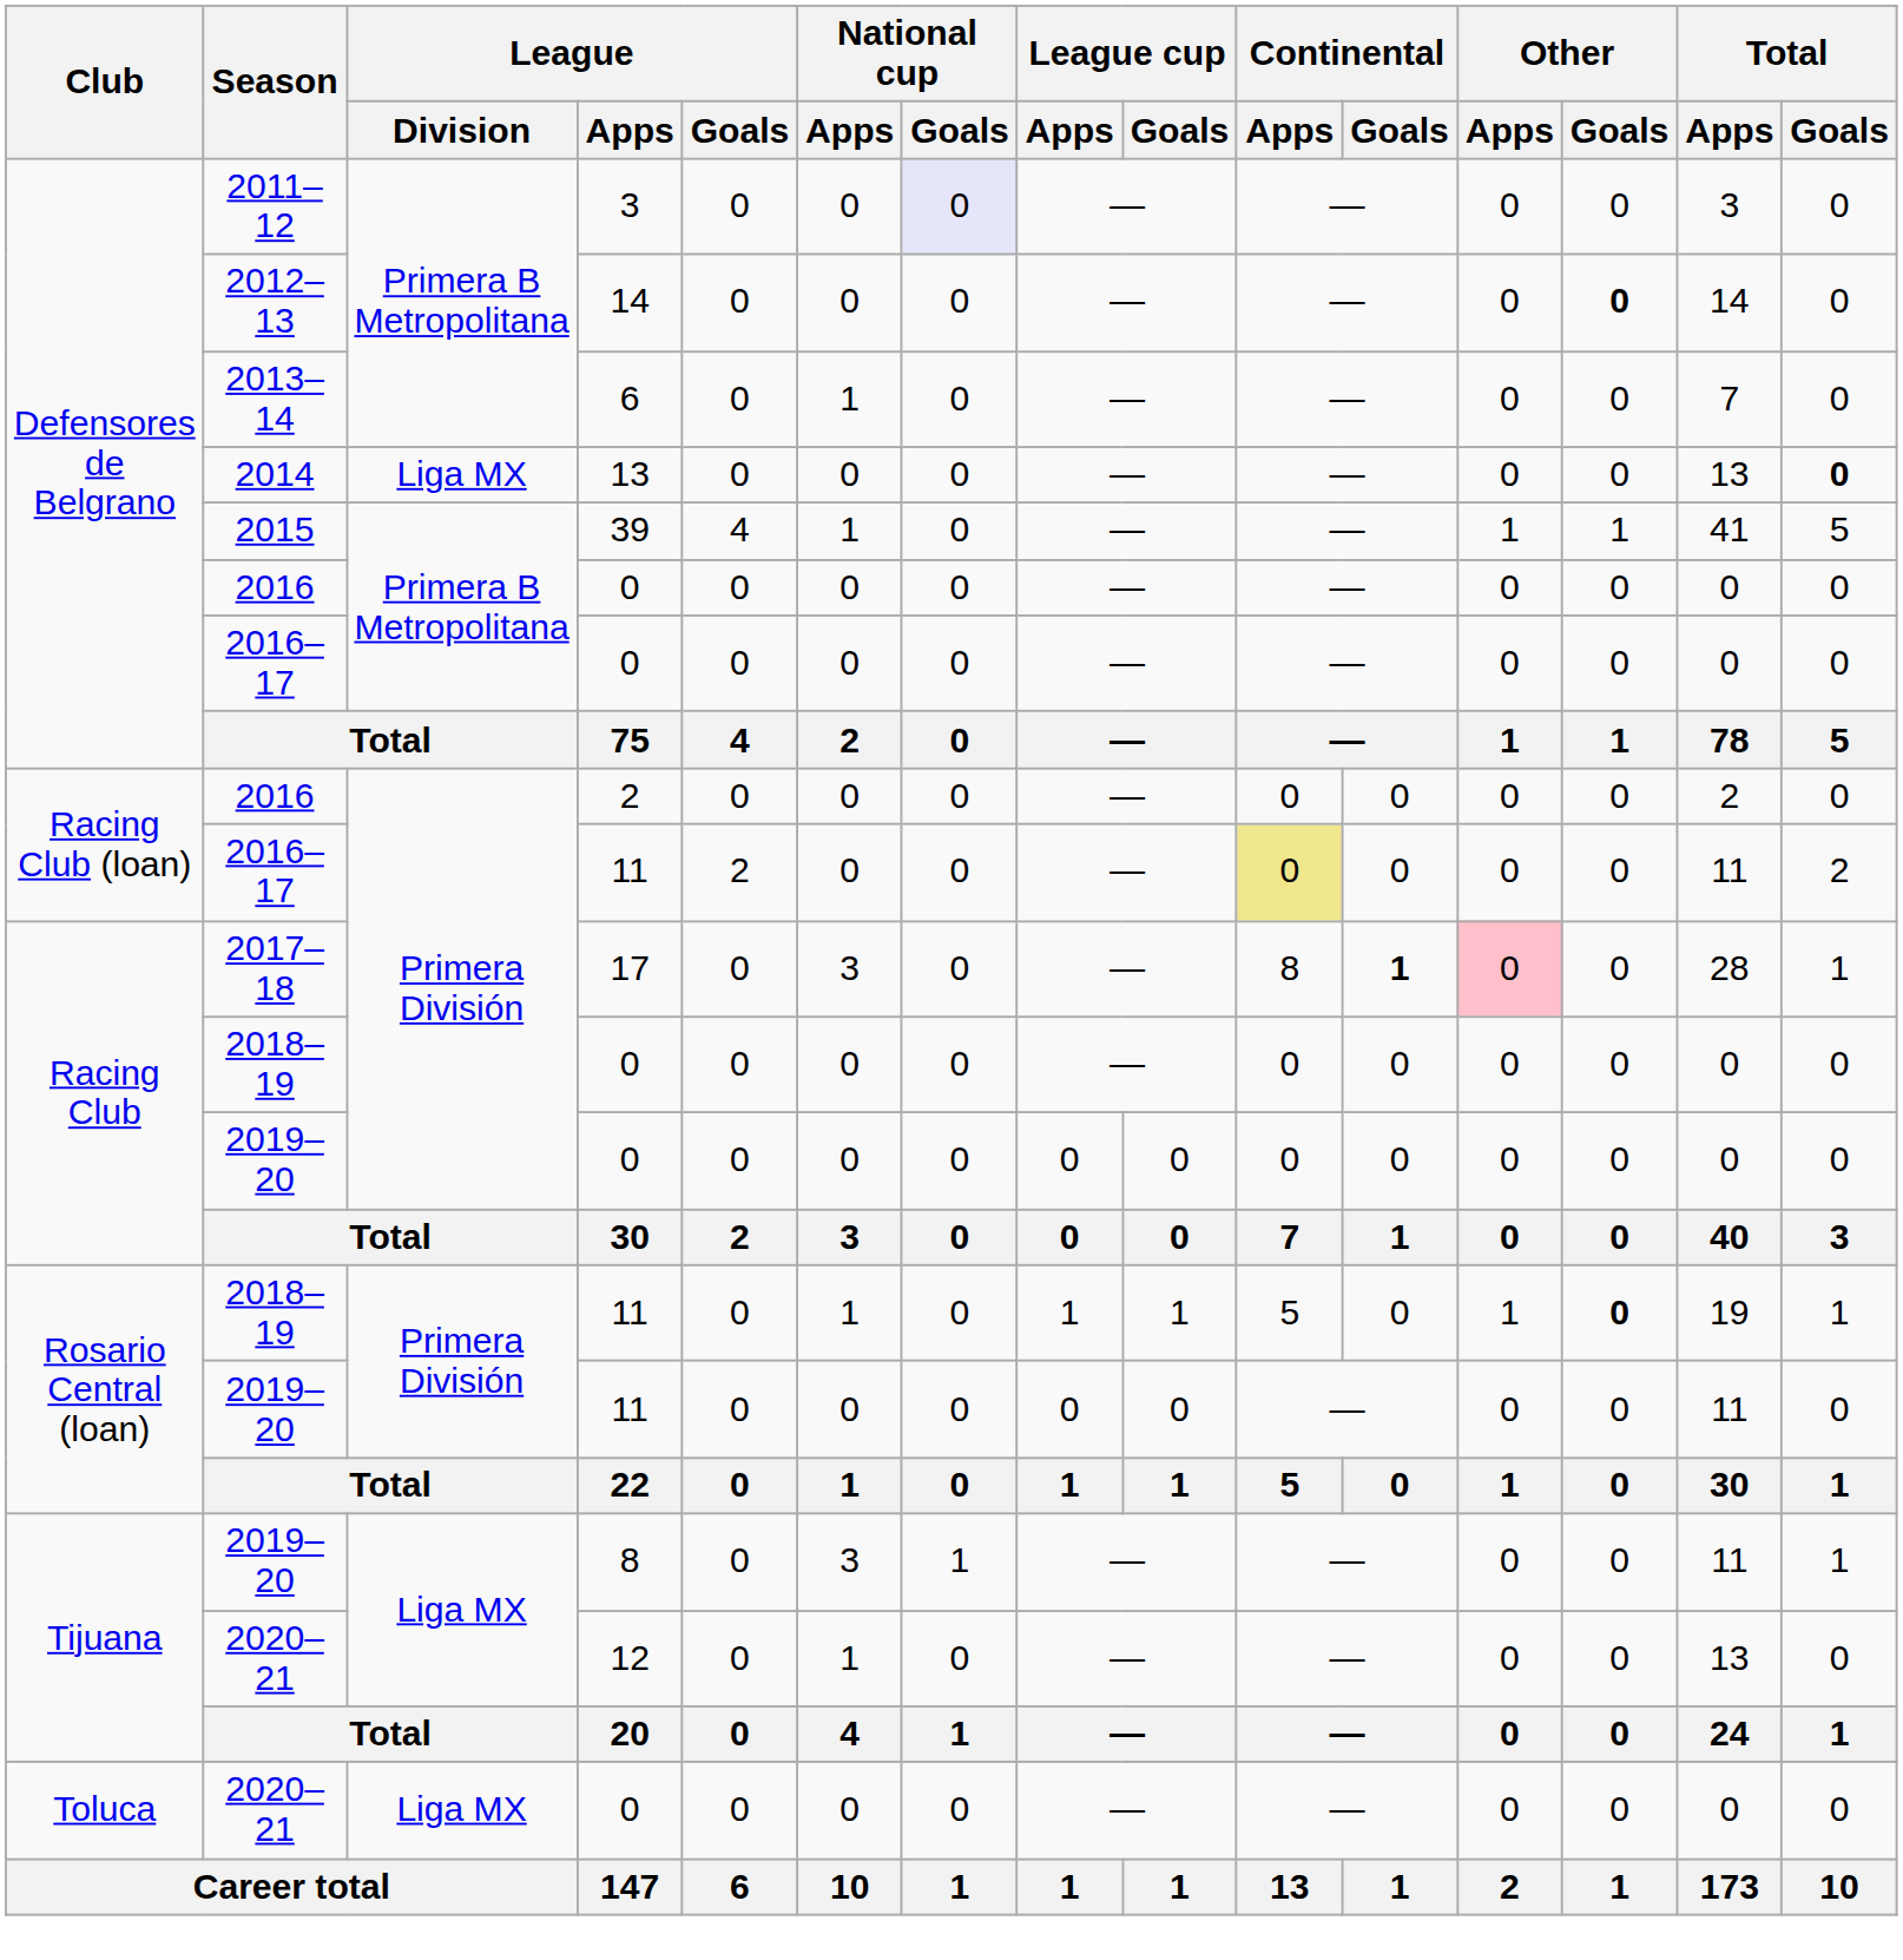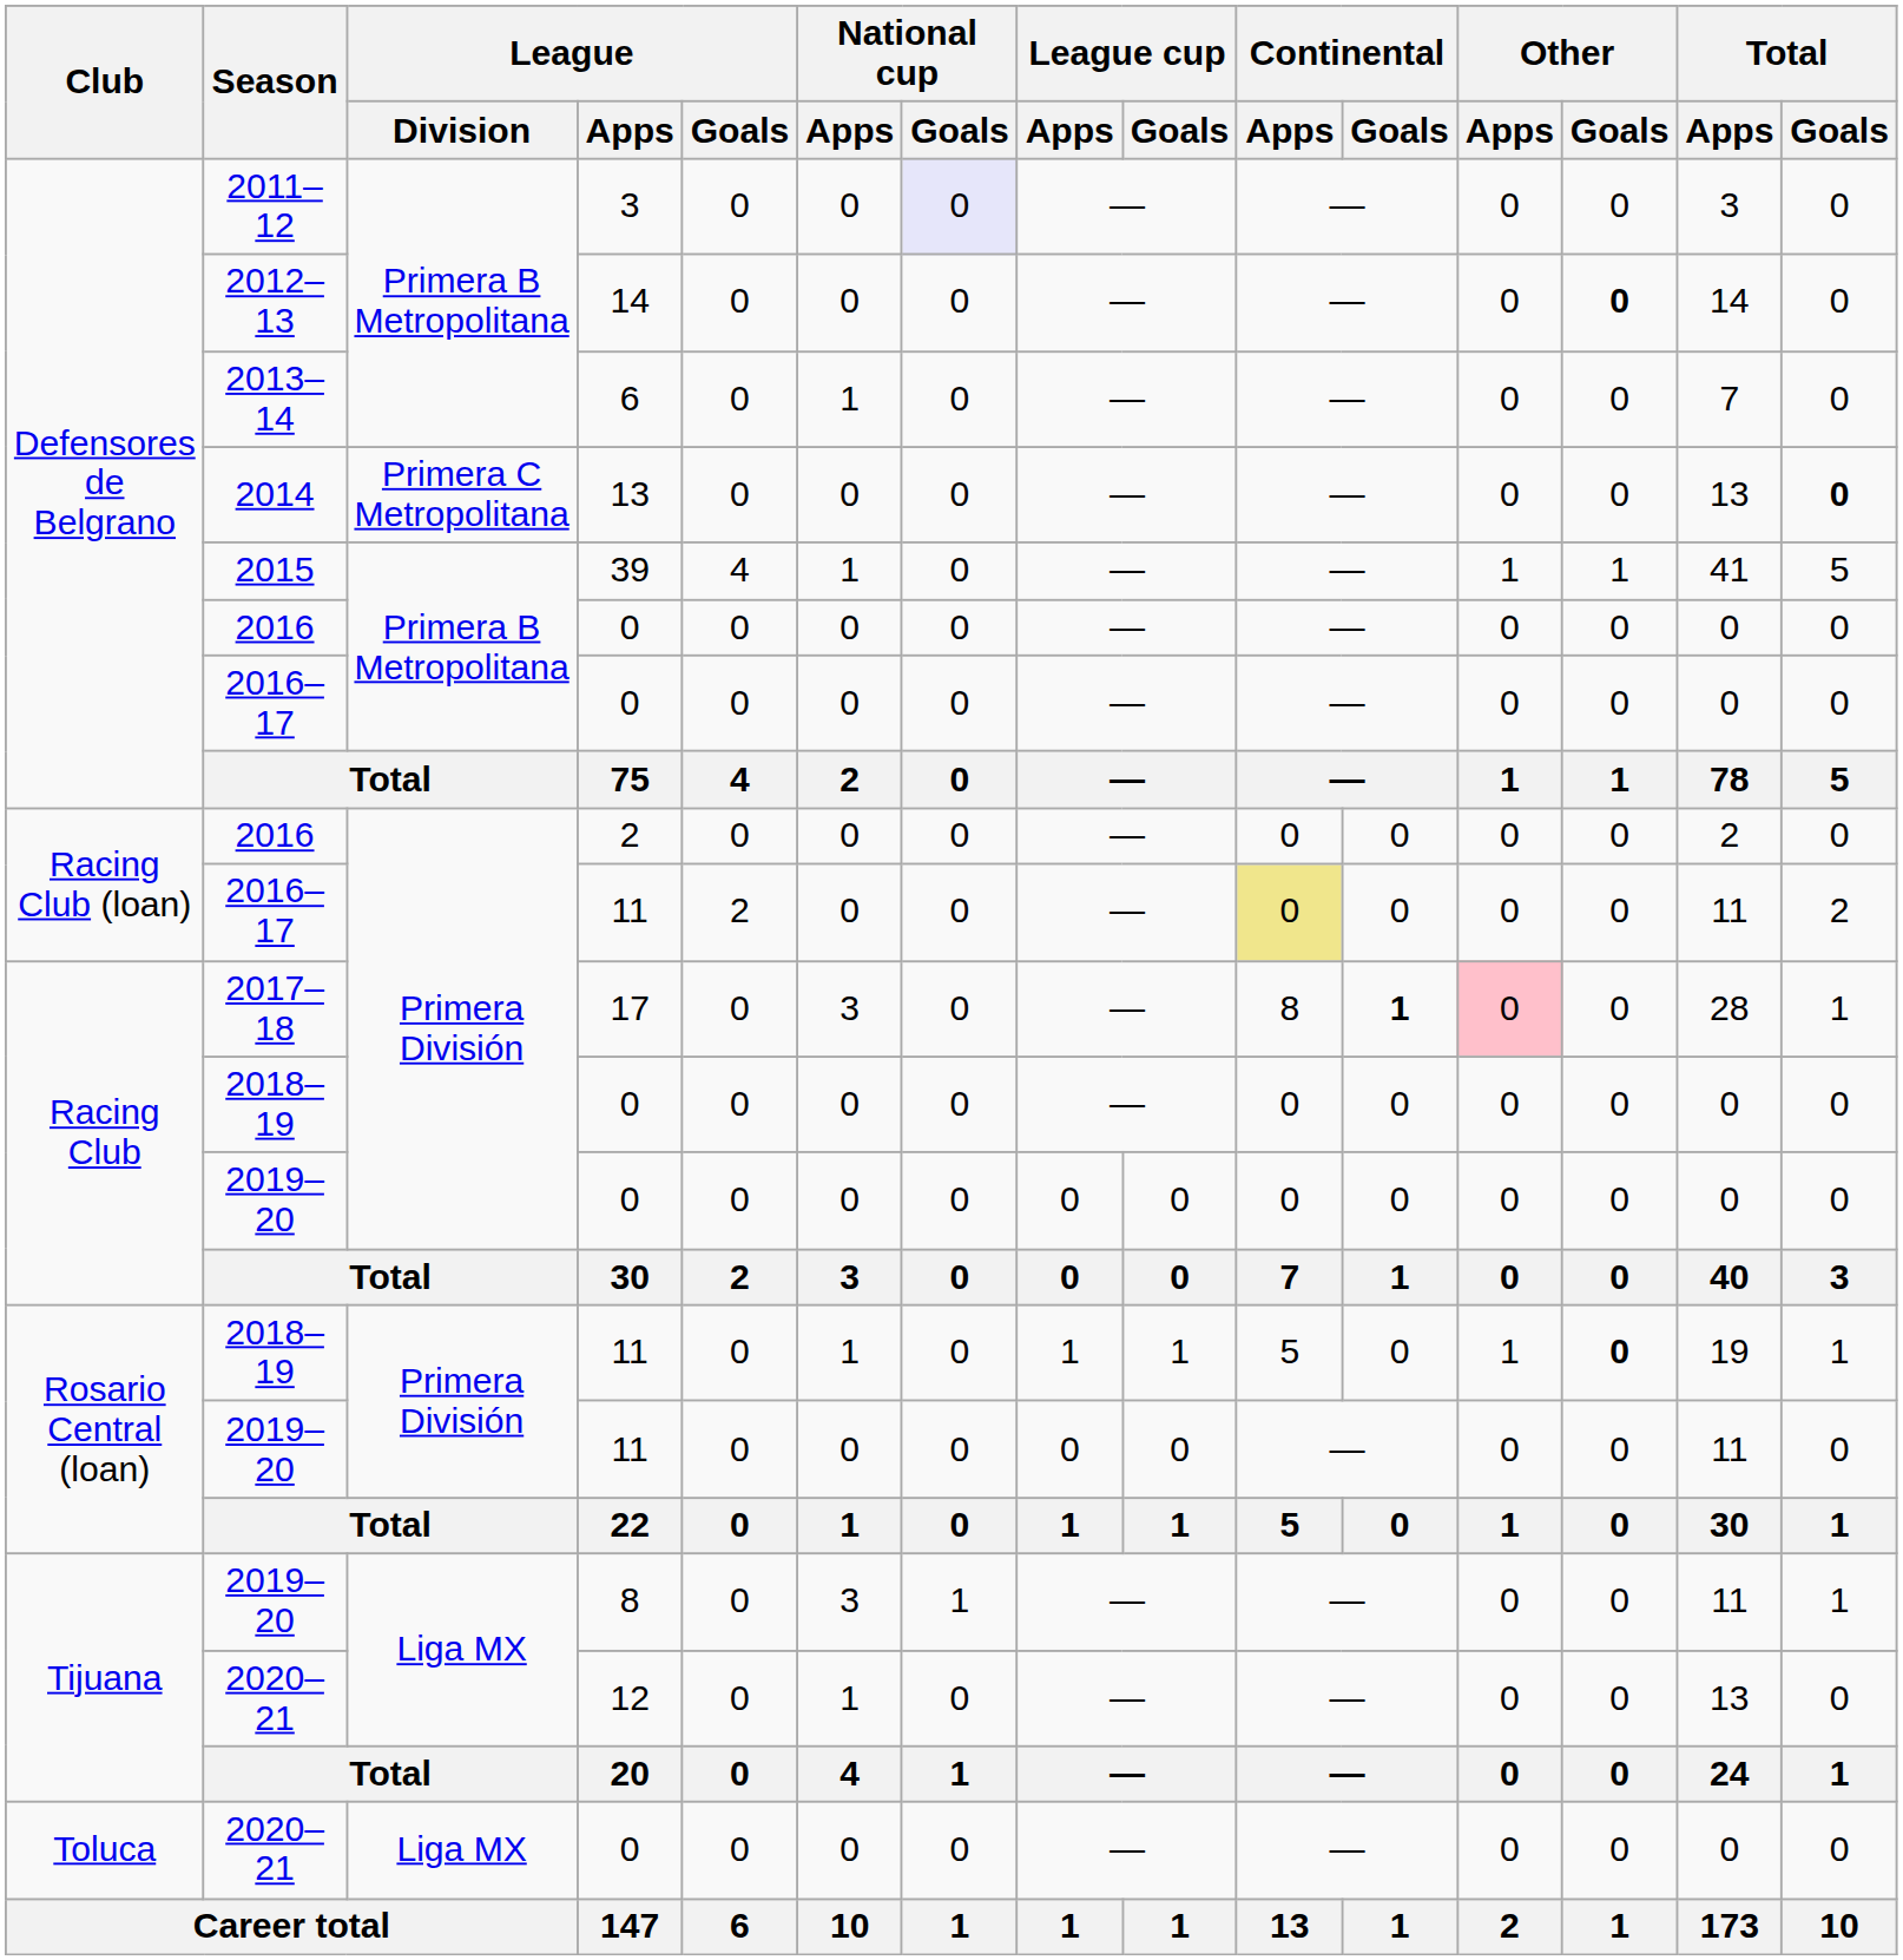 <table class="wikitable" style="text-align:center">
 <tr>
 <th rowspan="2">Club</th>
 <th rowspan="2">Season</th>
 <th colspan="3">League</th>
 <th colspan="2">National cup</th>
 <th colspan="2">League cup</th>
 <th colspan="2">Continental</th>
 <th colspan="2">Other</th>
 <th colspan="2">Total</th>
 </tr>
 <tr>
 <th>Division</th>
 <th>Apps</th>
 <th>Goals</th>
 <th>Apps</th>
 <th>Goals</th>
 <th>Apps</th>
 <th>Goals</th>
 <th>Apps</th>
 <th>Goals</th>
 <th>Apps</th>
 <th>Goals</th>
 <th>Apps</th>
 <th>Goals</th>
 </tr>
 <tr>
 <td rowspan="8"><a href='#'>Defensores de Belgrano</a></td>
 <td><a href='#'>2011–12</a></td>
 <td rowspan="3"><a href='#'>Primera B Metropolitana</a></td>
 <td>3</td>
 <td>0</td>
 <td>0</td>
 <td style="background: lavender;">0</td>
 <td colspan="2">—</td>
 <td colspan="2">—</td>
 <td>0</td>
 <td>0</td>
 <td>3</td>
 <td>0</td>
 </tr>
 <tr>
 <td><a href='#'>2012–13</a></td>
 <td>14</td>
 <td>0</td>
 <td>0</td>
 <td>0</td>
 <td colspan="2">—</td>
 <td colspan="2">—</td>
 <td>0</td>
 <td><strong>0</strong></td>
 <td>14</td>
 <td>0</td>
 </tr>
 <tr>
 <td><a href='#'>2013–14</a></td>
 <td>6</td>
 <td>0</td>
 <td>1</td>
 <td>0</td>
 <td colspan="2">—</td>
 <td colspan="2">—</td>
 <td>0</td>
 <td>0</td>
 <td>7</td>
 <td>0</td>
 </tr>
 <tr>
 <td><a href='#'>2014</a></td>
-<td rowspan="1"><a href='#'>Liga MX</a></td>
+<td rowspan="1"><a href='#'>Primera C Metropolitana</a></td>
 <td>13</td>
 <td>0</td>
 <td>0</td>
 <td>0</td>
 <td colspan="2">—</td>
 <td colspan="2">—</td>
 <td>0</td>
 <td>0</td>
 <td>13</td>
 <td><strong>0</strong></td>
 </tr>
 <tr>
 <td><a href='#'>2015</a></td>
 <td rowspan="3"><a href='#'>Primera B Metropolitana</a></td>
 <td>39</td>
 <td>4</td>
 <td>1</td>
 <td>0</td>
 <td colspan="2">—</td>
 <td colspan="2">—</td>
 <td>1</td>
 <td>1</td>
 <td>41</td>
 <td>5</td>
 </tr>
 <tr>
 <td><a href='#'>2016</a></td>
 <td>0</td>
 <td>0</td>
 <td>0</td>
 <td>0</td>
 <td colspan="2">—</td>
 <td colspan="2">—</td>
 <td>0</td>
 <td>0</td>
 <td>0</td>
 <td>0</td>
 </tr>
 <tr>
 <td><a href='#'>2016–17</a></td>
 <td>0</td>
 <td>0</td>
 <td>0</td>
 <td>0</td>
 <td colspan="2">—</td>
 <td colspan="2">—</td>
 <td>0</td>
 <td>0</td>
 <td>0</td>
 <td>0</td>
 </tr>
 <tr>
 <th colspan="2">Total</th>
 <th>75</th>
 <th>4</th>
 <th>2</th>
 <th>0</th>
 <th colspan="2">—</th>
 <th colspan="2">—</th>
 <th>1</th>
 <th>1</th>
 <th>78</th>
 <th>5</th>
 </tr>
 <tr>
 <td rowspan="2"><a href='#'>Racing Club</a> (loan)</td>
 <td><a href='#'>2016</a></td>
 <td rowspan="5"><a href='#'>Primera División</a></td>
 <td>2</td>
 <td>0</td>
 <td>0</td>
 <td>0</td>
 <td colspan="2">—</td>
 <td>0</td>
 <td>0</td>
 <td>0</td>
 <td>0</td>
 <td>2</td>
 <td>0</td>
 </tr>
 <tr>
 <td><a href='#'>2016–17</a></td>
 <td>11</td>
 <td>2</td>
 <td>0</td>
 <td>0</td>
 <td colspan="2">—</td>
 <td style="background: khaki;">0</td>
 <td>0</td>
 <td>0</td>
 <td>0</td>
 <td>11</td>
 <td>2</td>
 </tr>
 <tr>
 <td rowspan="4"><a href='#'>Racing Club</a></td>
 <td><a href='#'>2017–18</a></td>
 <td>17</td>
 <td>0</td>
 <td>3</td>
 <td>0</td>
 <td colspan="2">—</td>
 <td>8</td>
 <td><strong>1</strong></td>
 <td style="background: pink;">0</td>
 <td>0</td>
 <td>28</td>
 <td>1</td>
 </tr>
 <tr>
 <td><a href='#'>2018–19</a></td>
 <td>0</td>
 <td>0</td>
 <td>0</td>
 <td>0</td>
 <td colspan="2">—</td>
 <td>0</td>
 <td>0</td>
 <td>0</td>
 <td>0</td>
 <td>0</td>
 <td>0</td>
 </tr>
 <tr>
 <td><a href='#'>2019–20</a></td>
 <td>0</td>
 <td>0</td>
 <td>0</td>
 <td>0</td>
 <td>0</td>
 <td>0</td>
 <td>0</td>
 <td>0</td>
 <td>0</td>
 <td>0</td>
 <td>0</td>
 <td>0</td>
 </tr>
 <tr>
 <th colspan="2">Total</th>
 <th>30</th>
 <th>2</th>
 <th>3</th>
 <th>0</th>
 <th>0</th>
 <th>0</th>
 <th>7</th>
 <th>1</th>
 <th>0</th>
 <th>0</th>
 <th>40</th>
 <th>3</th>
 </tr>
 <tr>
 <td rowspan="3"><a href='#'>Rosario Central</a> (loan)</td>
 <td><a href='#'>2018–19</a></td>
 <td rowspan="2"><a href='#'>Primera División</a></td>
 <td>11</td>
 <td>0</td>
 <td>1</td>
 <td>0</td>
 <td>1</td>
 <td>1</td>
 <td>5</td>
 <td>0</td>
 <td>1</td>
 <td><strong>0</strong></td>
 <td>19</td>
 <td>1</td>
 </tr>
 <tr>
 <td><a href='#'>2019–20</a></td>
 <td>11</td>
 <td>0</td>
 <td>0</td>
 <td>0</td>
 <td>0</td>
 <td>0</td>
 <td colspan="2">—</td>
 <td>0</td>
 <td>0</td>
 <td>11</td>
 <td>0</td>
 </tr>
 <tr>
 <th colspan="2">Total</th>
 <th>22</th>
 <th>0</th>
 <th>1</th>
 <th>0</th>
 <th>1</th>
 <th>1</th>
 <th>5</th>
 <th>0</th>
 <th>1</th>
 <th>0</th>
 <th>30</th>
 <th>1</th>
 </tr>
 <tr>
 <td rowspan="3"><a href='#'>Tijuana</a></td>
 <td><a href='#'>2019–20</a></td>
 <td rowspan="2"><a href='#'>Liga MX</a></td>
 <td>8</td>
 <td>0</td>
 <td>3</td>
 <td>1</td>
 <td colspan="2">—</td>
 <td colspan="2">—</td>
 <td>0</td>
 <td>0</td>
 <td>11</td>
 <td>1</td>
 </tr>
 <tr>
 <td><a href='#'>2020–21</a></td>
 <td>12</td>
 <td>0</td>
 <td>1</td>
 <td>0</td>
 <td colspan="2">—</td>
 <td colspan="2">—</td>
 <td>0</td>
 <td>0</td>
 <td>13</td>
 <td>0</td>
 </tr>
 <tr>
 <th colspan="2">Total</th>
 <th>20</th>
 <th>0</th>
 <th>4</th>
 <th>1</th>
 <th colspan="2">—</th>
 <th colspan="2">—</th>
 <th>0</th>
 <th>0</th>
 <th>24</th>
 <th>1</th>
 </tr>
 <tr>
 <td rowspan="1"><a href='#'>Toluca</a></td>
 <td><a href='#'>2020–21</a></td>
 <td rowspan="1"><a href='#'>Liga MX</a></td>
 <td>0</td>
 <td>0</td>
 <td>0</td>
 <td>0</td>
 <td colspan="2">—</td>
 <td colspan="2">—</td>
 <td>0</td>
 <td>0</td>
 <td>0</td>
 <td>0</td>
 </tr>
 <tr>
 <th colspan="3">Career total</th>
 <th>147</th>
 <th>6</th>
 <th>10</th>
 <th>1</th>
 <th>1</th>
 <th>1</th>
 <th>13</th>
 <th>1</th>
 <th>2</th>
 <th>1</th>
 <th>173</th>
 <th>10</th>
 </tr>
 </table>
